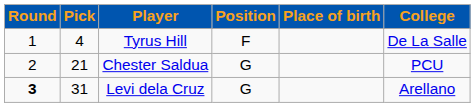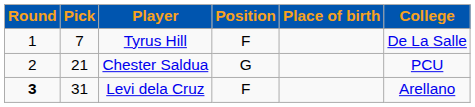 <table class="wikitable sortable sortable" style="text-align:center">
 <tr>
 <th style="background:#0055AF; color:#F9A21D; ">Round</th>
 <th style="background:#0055AF; color:#F9A21D; ">Pick</th>
 <th style="background:#0055AF; color:#F9A21D; ">Player</th>
 <th style="background:#0055AF; color:#F9A21D; ">Position</th>
 <th style="background:#0055AF; color:#F9A21D; ">Place of birth</th>
 <th style="background:#0055AF; color:#F9A21D; ">College</th>
 </tr>
 <tr>
 <td>1</td>
-<td>4</td>
+<td>7</td>
 <td><a href='#'>Tyrus Hill</a></td>
 <td>F</td>
 <td></td>
 <td><a href='#'>De La Salle</a></td>
 </tr>
 <tr>
 <td>2</td>
 <td>21</td>
 <td><a href='#'>Chester Saldua</a></td>
 <td>G</td>
 <td></td>
 <td><a href='#'>PCU</a></td>
 </tr>
 <tr>
 <td><strong>3</strong></td>
 <td>31</td>
 <td><a href='#'>Levi dela Cruz</a></td>
-<td>G</td>
+<td>F</td>
 <td></td>
 <td><a href='#'>Arellano</a></td>
 </tr>
 </table>
